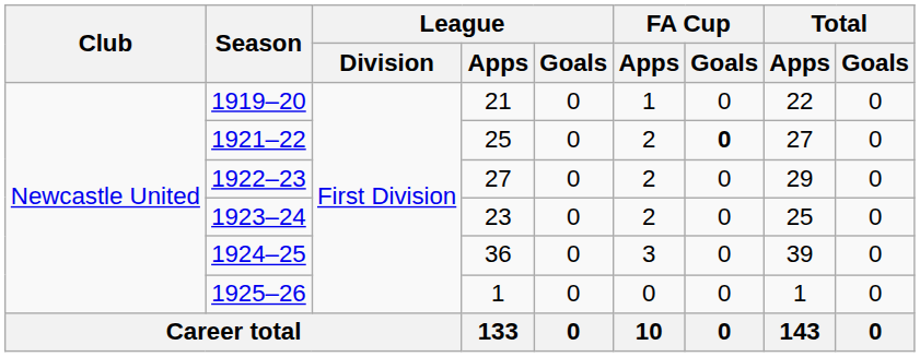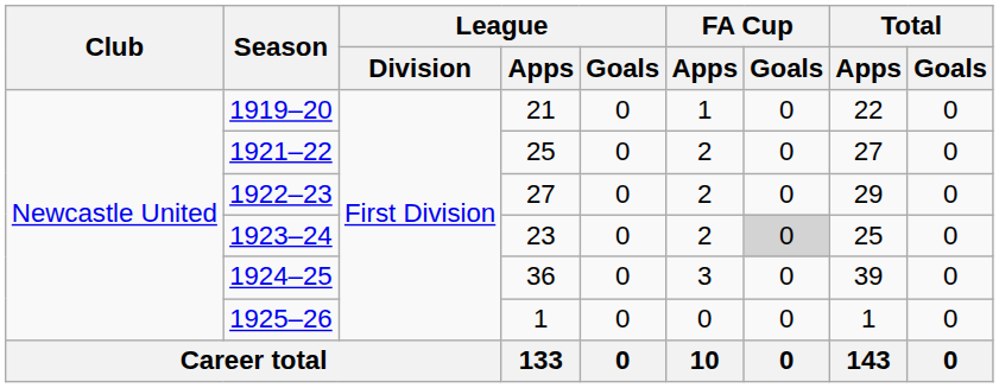 <table class="wikitable" style="text-align: center;">
 <tr>
 <th rowspan="2">Club</th>
 <th rowspan="2">Season</th>
 <th colspan="3">League</th>
 <th colspan="2">FA Cup</th>
 <th colspan="2">Total</th>
 </tr>
 <tr>
 <th>Division</th>
 <th>Apps</th>
 <th>Goals</th>
 <th>Apps</th>
 <th>Goals</th>
 <th>Apps</th>
 <th>Goals</th>
 </tr>
 <tr>
 <td rowspan="6"><a href='#'>Newcastle United</a></td>
 <td><a href='#'>1919–20</a></td>
 <td rowspan="6"><a href='#'>First Division</a></td>
 <td>21</td>
 <td>0</td>
 <td>1</td>
 <td>0</td>
 <td>22</td>
 <td>0</td>
 </tr>
 <tr>
 <td><a href='#'>1921–22</a></td>
 <td>25</td>
 <td>0</td>
 <td>2</td>
-<td><strong>0</strong></td>
+<td>0</td>
 <td>27</td>
 <td>0</td>
 </tr>
 <tr>
 <td><a href='#'>1922–23</a></td>
 <td>27</td>
 <td>0</td>
 <td>2</td>
 <td>0</td>
 <td>29</td>
 <td>0</td>
 </tr>
 <tr>
 <td><a href='#'>1923–24</a></td>
 <td>23</td>
 <td>0</td>
 <td>2</td>
-<td>0</td>
+<td style="background: lightgrey;">0</td>
 <td>25</td>
 <td>0</td>
 </tr>
 <tr>
 <td><a href='#'>1924–25</a></td>
 <td>36</td>
 <td>0</td>
 <td>3</td>
 <td>0</td>
 <td>39</td>
 <td>0</td>
 </tr>
 <tr>
 <td><a href='#'>1925–26</a></td>
 <td>1</td>
 <td>0</td>
 <td>0</td>
 <td>0</td>
 <td>1</td>
 <td>0</td>
 </tr>
 <tr>
 <th colspan="3">Career total</th>
 <th>133</th>
 <th>0</th>
 <th>10</th>
 <th>0</th>
 <th>143</th>
 <th>0</th>
 </tr>
 </table>
